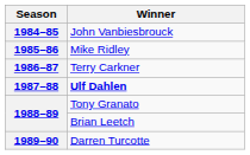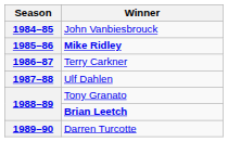 <table class="wikitable">
 <tr>
 <th scope="col" style="width:5em">Season</th>
 <th scope="col" style="width:15em">Winner</th>
 </tr>
 <tr>
 <th scope="row"><a href='#'>1984–85</a></th>
 <td><a href='#'>John Vanbiesbrouck</a></td>
 </tr>
 <tr>
 <th scope="row"><a href='#'>1985–86</a></th>
-<td><a href='#'>Mike Ridley</a></td>
+<td><strong><a href='#'>Mike Ridley</a></strong></td>
 </tr>
 <tr>
 <th scope="row"><a href='#'>1986–87</a></th>
 <td><a href='#'>Terry Carkner</a></td>
 </tr>
 <tr>
 <th scope="row"><a href='#'>1987–88</a></th>
-<td><strong><a href='#'>Ulf Dahlen</a></strong></td>
+<td><a href='#'>Ulf Dahlen</a></td>
 </tr>
 <tr>
 <th scope="row" rowspan="2"><a href='#'>1988–89</a></th>
 <td><a href='#'>Tony Granato</a></td>
 </tr>
 <tr>
-<td><a href='#'>Brian Leetch</a></td>
+<td><strong><a href='#'>Brian Leetch</a></strong></td>
 </tr>
 <tr>
 <th scope="row"><a href='#'>1989–90</a></th>
 <td><a href='#'>Darren Turcotte</a></td>
 </tr>
 </table>
